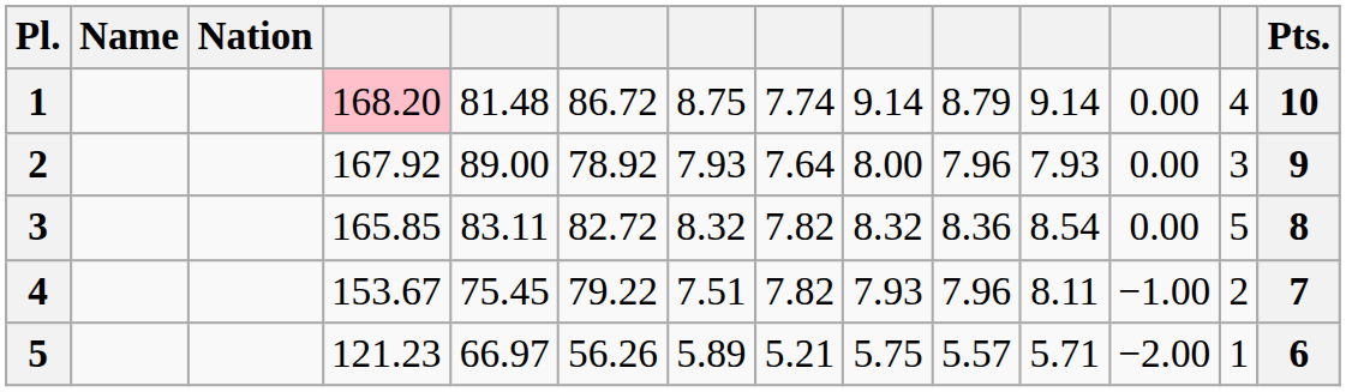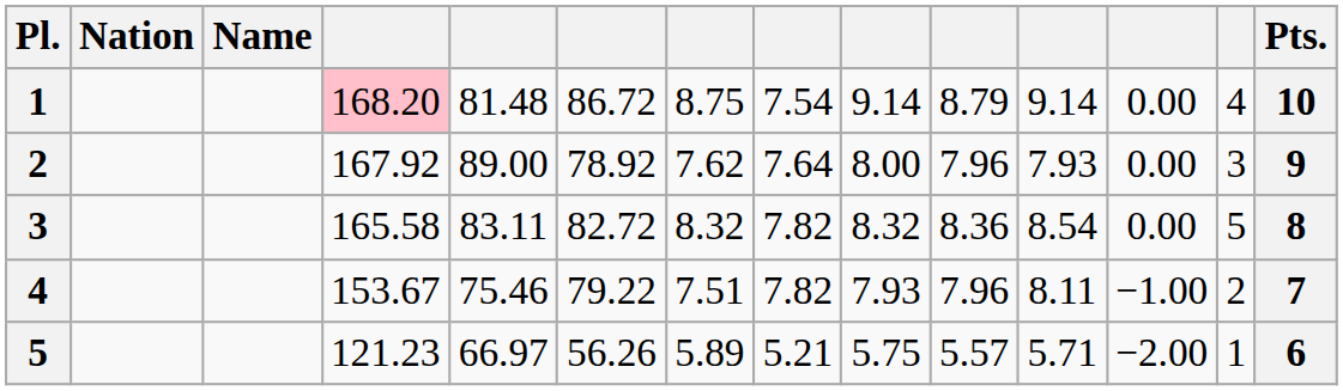 <table class="wikitable sortable" style="text-align:center">
 <tr>
 <th>Pl.</th>
+<th>Nation</th>
 <th>Name</th>
-<th>Nation</th>
 <th></th>
 <th></th>
 <th></th>
 <th></th>
 <th></th>
 <th></th>
 <th></th>
 <th></th>
 <th></th>
 <th></th>
 <th>Pts.</th>
 </tr>
 <tr>
 <th>1</th>
 <td align=left></td>
 <td align=left></td>
 <td style="background: pink;">168.20</td>
 <td>81.48</td>
 <td>86.72</td>
 <td>8.75</td>
-<td>7.74</td>
+<td>7.54</td>
 <td>9.14</td>
 <td>8.79</td>
 <td>9.14</td>
 <td>0.00</td>
 <td>4</td>
 <th>10</th>
 </tr>
 <tr>
 <th>2</th>
 <td align=left></td>
 <td align=left></td>
 <td>167.92</td>
 <td>89.00</td>
 <td>78.92</td>
-<td>7.93</td>
+<td>7.62</td>
 <td>7.64</td>
 <td>8.00</td>
 <td>7.96</td>
 <td>7.93</td>
 <td>0.00</td>
 <td>3</td>
 <th>9</th>
 </tr>
 <tr>
 <th>3</th>
 <td align=left></td>
 <td align=left></td>
-<td>165.85</td>
+<td>165.58</td>
 <td>83.11</td>
 <td>82.72</td>
 <td>8.32</td>
 <td>7.82</td>
 <td>8.32</td>
 <td>8.36</td>
 <td>8.54</td>
 <td>0.00</td>
 <td>5</td>
 <th>8</th>
 </tr>
 <tr>
 <th>4</th>
 <td align=left></td>
 <td align=left></td>
 <td>153.67</td>
-<td>75.45</td>
+<td>75.46</td>
 <td>79.22</td>
 <td>7.51</td>
 <td>7.82</td>
 <td>7.93</td>
 <td>7.96</td>
 <td>8.11</td>
 <td>−1.00</td>
 <td>2</td>
 <th>7</th>
 </tr>
 <tr>
 <th>5</th>
 <td align=left></td>
 <td align=left></td>
 <td>121.23</td>
 <td>66.97</td>
 <td>56.26</td>
 <td>5.89</td>
 <td>5.21</td>
 <td>5.75</td>
 <td>5.57</td>
 <td>5.71</td>
 <td>−2.00</td>
 <td>1</td>
 <th>6</th>
 </tr>
 </table>
